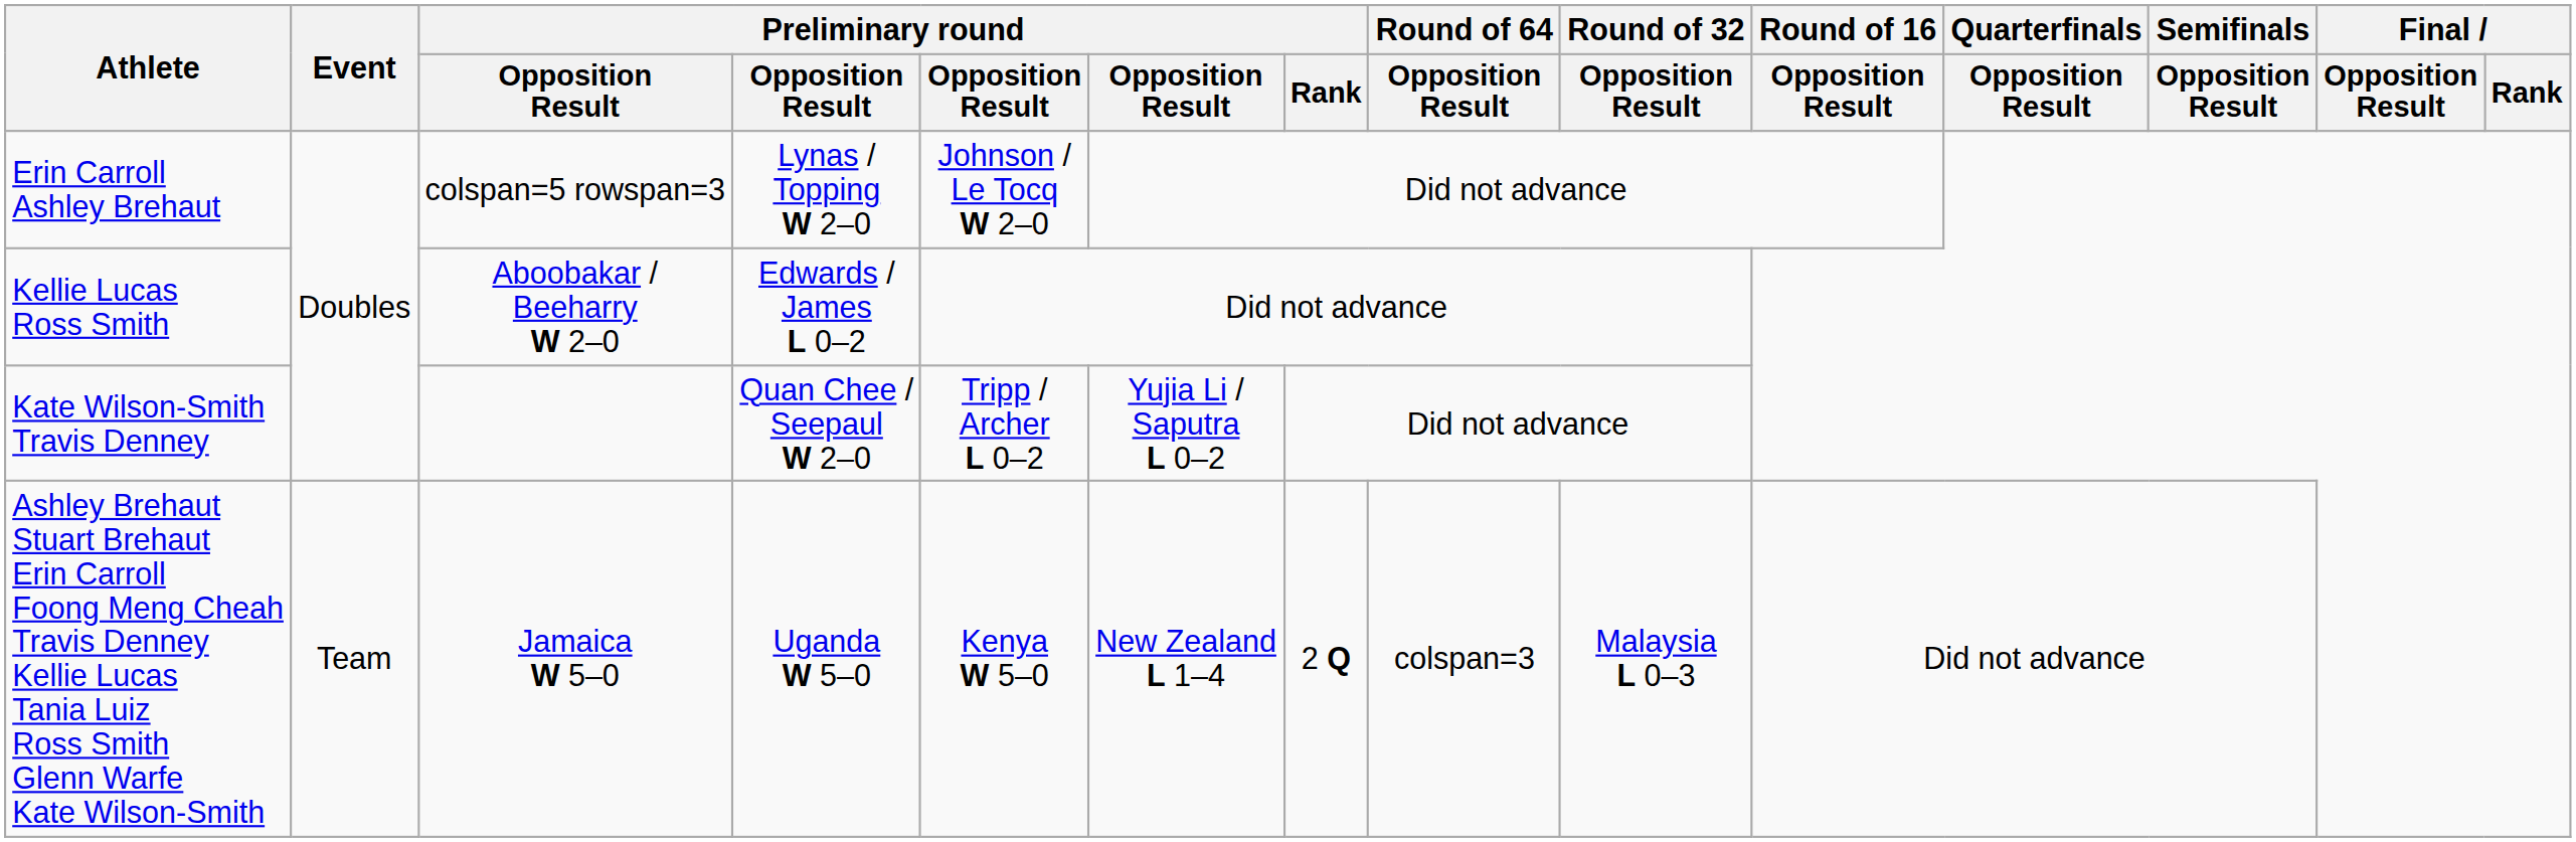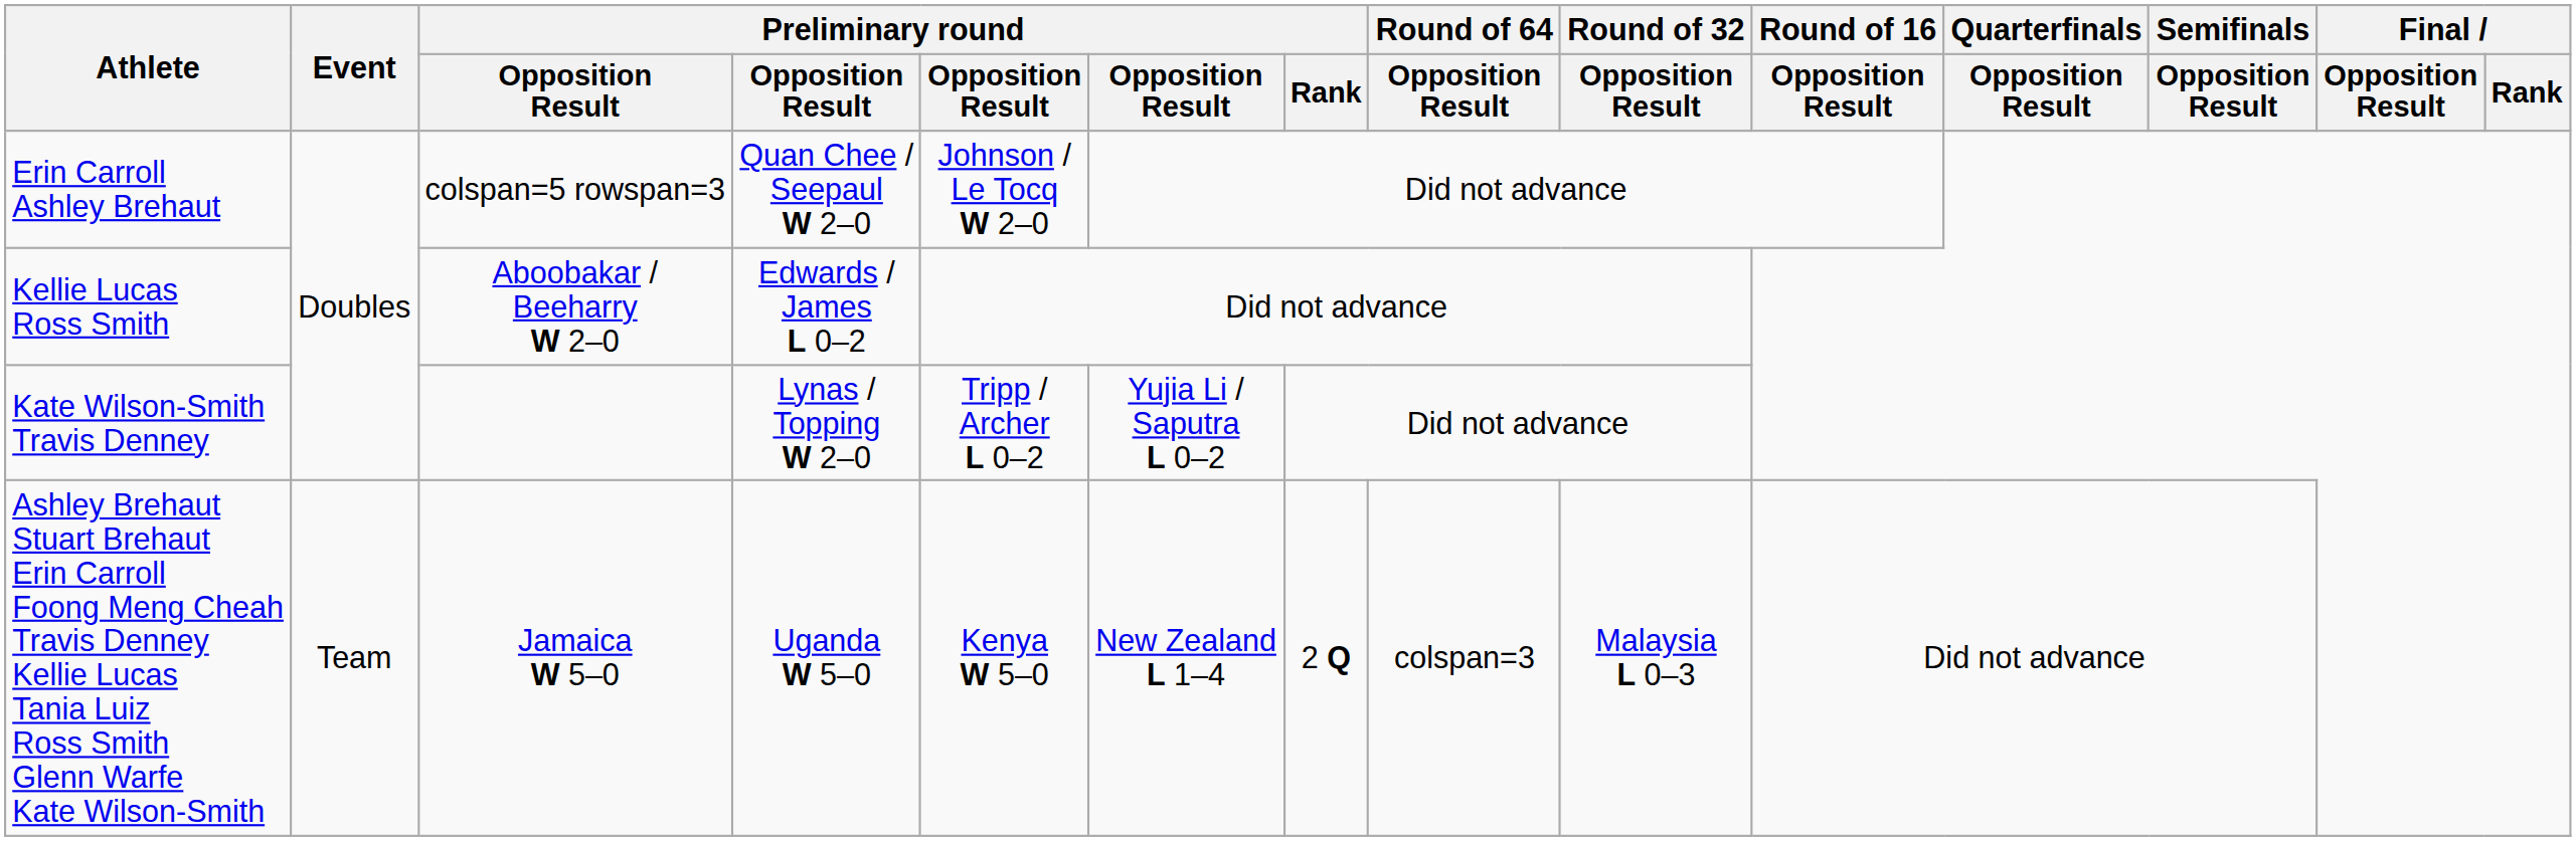 <table class="wikitable" style="font-size:90%;text-align:center">
 <tr>
 <th rowspan=2>Athlete</th>
 <th rowspan=2>Event</th>
 <th colspan=5>Preliminary round</th>
 <th>Round of 64</th>
 <th>Round of 32</th>
 <th>Round of 16</th>
 <th>Quarterfinals</th>
 <th>Semifinals</th>
 <th colspan=2>Final / </th>
 </tr>
 <tr style="font-size:95%">
 <th>Opposition<br>Result</th>
 <th>Opposition<br>Result</th>
 <th>Opposition<br>Result</th>
 <th>Opposition<br>Result</th>
 <th>Rank</th>
 <th>Opposition<br>Result</th>
 <th>Opposition<br>Result</th>
 <th>Opposition<br>Result</th>
 <th>Opposition<br>Result</th>
 <th>Opposition<br>Result</th>
 <th>Opposition<br>Result</th>
 <th>Rank</th>
 </tr>
 <tr>
 <td align=left><a href='#'>Erin Carroll</a><br><a href='#'>Ashley Brehaut</a></td>
 <td rowspan=3>Doubles</td>
 <td>colspan=5 rowspan=3 </td>
-<td> <a href='#'>Lynas</a> /<br> <a href='#'>Topping</a> <br> <strong>W</strong> 2–0</td>
+<td> <a href='#'>Quan Chee</a> /<br> <a href='#'>Seepaul</a> <br> <strong>W</strong> 2–0</td>
 <td> <a href='#'>Johnson</a> /<br> <a href='#'>Le Tocq</a> <br> <strong>W</strong> 2–0</td>
 <td colspan=5>Did not advance</td>
 </tr>
 <tr>
 <td align=left><a href='#'>Kellie Lucas</a><br><a href='#'>Ross Smith</a></td>
 <td> <a href='#'>Aboobakar</a> /<br> <a href='#'>Beeharry</a> <br> <strong>W</strong> 2–0</td>
 <td> <a href='#'>Edwards</a> /<br><a href='#'>James</a> <br> <strong>L</strong> 0–2</td>
 <td colspan=5>Did not advance</td>
 </tr>
 <tr>
 <td align=left><a href='#'>Kate Wilson-Smith</a><br><a href='#'>Travis Denney</a></td>
 <td></td>
-<td> <a href='#'>Quan Chee</a> /<br> <a href='#'>Seepaul</a> <br> <strong>W</strong> 2–0</td>
+<td> <a href='#'>Lynas</a> /<br> <a href='#'>Topping</a> <br> <strong>W</strong> 2–0</td>
 <td> <a href='#'>Tripp</a> /<br> <a href='#'>Archer</a> <br> <strong>L</strong> 0–2</td>
 <td> <a href='#'>Yujia Li</a> /<br> <a href='#'>Saputra</a> <br> <strong>L</strong> 0–2</td>
 <td colspan=3>Did not advance</td>
 </tr>
 <tr>
 <td align=left><a href='#'>Ashley Brehaut</a><br><a href='#'>Stuart Brehaut</a><br><a href='#'>Erin Carroll</a><br><a href='#'>Foong Meng Cheah</a><br><a href='#'>Travis Denney</a><br><a href='#'>Kellie Lucas</a><br><a href='#'>Tania Luiz</a><br><a href='#'>Ross Smith</a><br><a href='#'>Glenn Warfe</a><br><a href='#'>Kate Wilson-Smith</a></td>
 <td>Team</td>
 <td> <a href='#'>Jamaica</a><br><strong>W</strong> 5–0</td>
 <td> <a href='#'>Uganda</a><br><strong>W</strong> 5–0</td>
 <td> <a href='#'>Kenya</a><br><strong>W</strong> 5–0</td>
 <td> <a href='#'>New Zealand</a><br><strong>L</strong> 1–4</td>
 <td>2 <strong>Q</strong></td>
 <td>colspan=3 </td>
 <td> <a href='#'>Malaysia</a><br><strong>L</strong> 0–3</td>
 <td colspan=3>Did not advance</td>
 </tr>
 </table>
